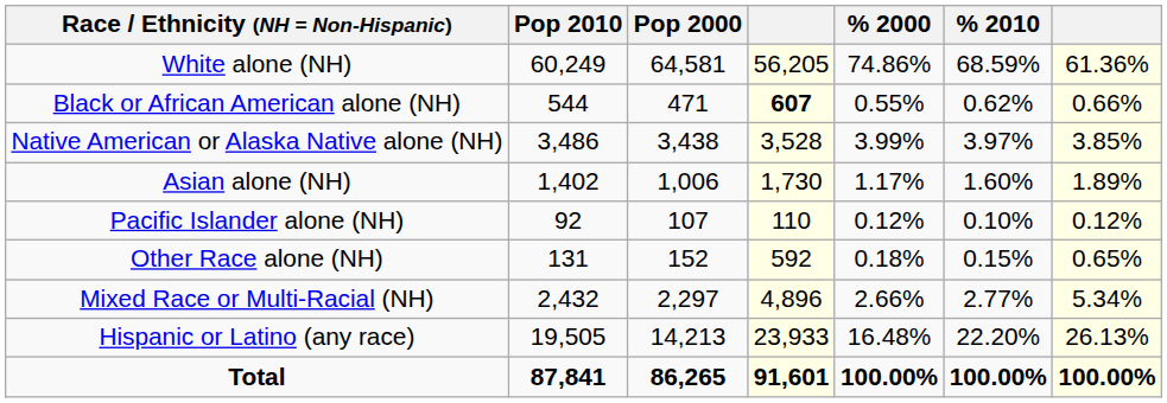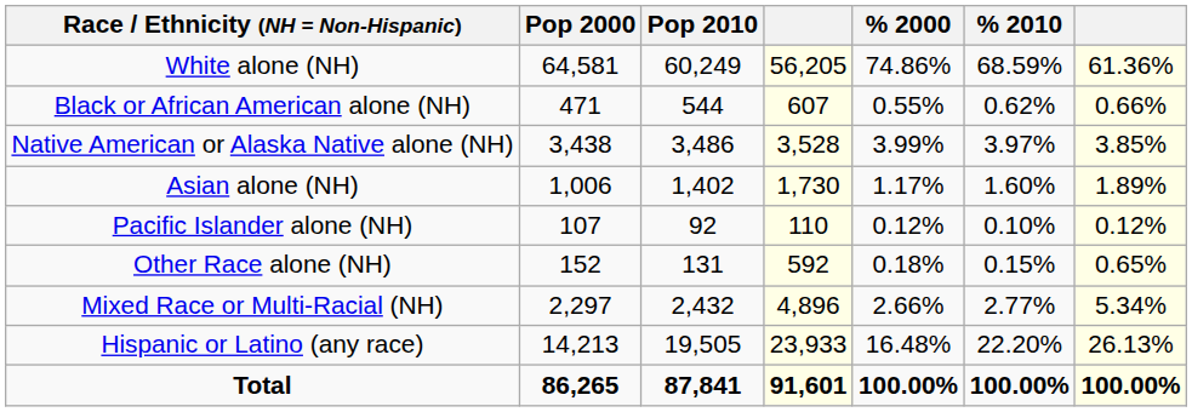 <table class="wikitable" style="text-align:center;">
 <tr>
 <th>Race / Ethnicity <small>(<em>NH = Non-Hispanic</em>)</small></th>
+<th>Pop 2000</th>
 <th>Pop 2010</th>
-<th>Pop 2000</th>
 <th></th>
 <th>% 2000</th>
 <th>% 2010</th>
 <th></th>
 </tr>
 <tr>
 <td><a href='#'>White</a> alone (NH)</td>
+<td>64,581</td>
 <td>60,249</td>
-<td>64,581</td>
 <td style='background: #ffffe6;'>56,205</td>
 <td>74.86%</td>
 <td>68.59%</td>
 <td style='background: #ffffe6;'>61.36%</td>
 </tr>
 <tr>
 <td><a href='#'>Black or African American</a> alone (NH)</td>
+<td>471</td>
 <td>544</td>
-<td>471</td>
-<td style='background: #ffffe6;'><strong>607</strong></td>
+<td style='background: #ffffe6;'>607</td>
 <td>0.55%</td>
 <td>0.62%</td>
 <td style='background: #ffffe6;'>0.66%</td>
 </tr>
 <tr>
 <td><a href='#'>Native American</a> or <a href='#'>Alaska Native</a> alone (NH)</td>
+<td>3,438</td>
 <td>3,486</td>
-<td>3,438</td>
 <td style='background: #ffffe6;'>3,528</td>
 <td>3.99%</td>
 <td>3.97%</td>
 <td style='background: #ffffe6;'>3.85%</td>
 </tr>
 <tr>
 <td><a href='#'>Asian</a> alone (NH)</td>
+<td>1,006</td>
 <td>1,402</td>
-<td>1,006</td>
 <td style='background: #ffffe6;'>1,730</td>
 <td>1.17%</td>
 <td>1.60%</td>
 <td style='background: #ffffe6;'>1.89%</td>
 </tr>
 <tr>
 <td><a href='#'>Pacific Islander</a> alone (NH)</td>
+<td>107</td>
 <td>92</td>
-<td>107</td>
 <td style='background: #ffffe6;'>110</td>
 <td>0.12%</td>
 <td>0.10%</td>
 <td style='background: #ffffe6;'>0.12%</td>
 </tr>
 <tr>
 <td><a href='#'>Other Race</a> alone (NH)</td>
+<td>152</td>
 <td>131</td>
-<td>152</td>
 <td style='background: #ffffe6;'>592</td>
 <td>0.18%</td>
 <td>0.15%</td>
 <td style='background: #ffffe6;'>0.65%</td>
 </tr>
 <tr>
 <td><a href='#'>Mixed Race or Multi-Racial</a> (NH)</td>
+<td>2,297</td>
 <td>2,432</td>
-<td>2,297</td>
 <td style='background: #ffffe6;'>4,896</td>
 <td>2.66%</td>
 <td>2.77%</td>
 <td style='background: #ffffe6;'>5.34%</td>
 </tr>
 <tr>
 <td><a href='#'>Hispanic or Latino</a> (any race)</td>
+<td>14,213</td>
 <td>19,505</td>
-<td>14,213</td>
 <td style='background: #ffffe6;'>23,933</td>
 <td>16.48%</td>
 <td>22.20%</td>
 <td style='background: #ffffe6;'>26.13%</td>
 </tr>
 <tr>
 <td><strong>Total</strong></td>
+<td><strong>86,265</strong></td>
 <td><strong>87,841</strong></td>
-<td><strong>86,265</strong></td>
 <td style='background: #ffffe6;'><strong>91,601</strong></td>
 <td><strong>100.00%</strong></td>
 <td><strong>100.00%</strong></td>
 <td style='background: #ffffe6;'><strong>100.00%</strong></td>
 </tr>
 </table>
